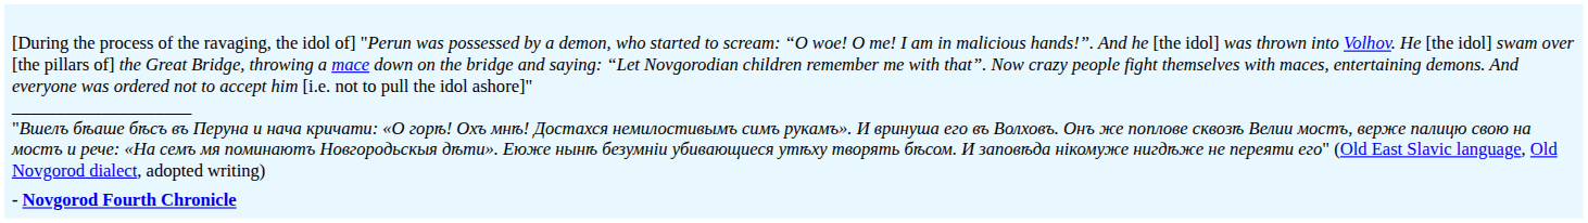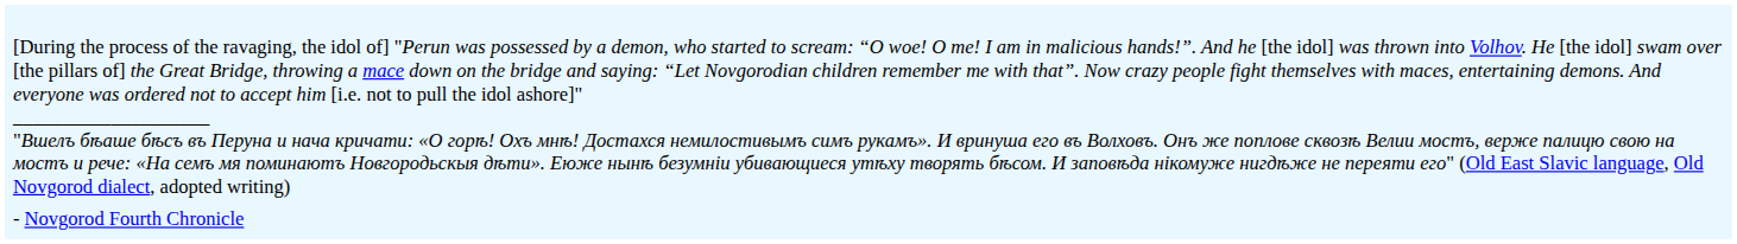 <table class="toccolours" style="font-size: 90%; background:#E9F7FF; color:black;" cellspacing="5">
 <tr>
 <td style="text-align: left;"><br>[During the process of the ravaging, the idol of] "<em>Perun was possessed by a demon, who started to scream: “O woe! O me! I am in malicious hands!”. And he </em>[the idol]<em> was thrown into <a href='#'>Volhov</a>. He </em>[the idol]<em> swam over </em>[the pillars of]<em> the Great Bridge, throwing a <a href='#'>mace</a> down on the bridge and saying: “Let Novgorodian children remember me with that”. Now crazy people fight themselves with maces, entertaining demons. And everyone was ordered not to accept him</em> [i.e. not to pull the idol ashore]"<br> ____________________<br>"<em>Вшелъ бѣаше бѣсъ въ Перуна и нача кричати: «О горѣ! Охъ мнѣ! Достахся немилостивымъ симъ рукамъ». И вринуша его въ Волховъ. Онъ же поплове сквозѣ Велии мостъ, верже палицю свою на мостъ и рече: «На семъ мя поминаютъ Новгородьскыя дѣти». Еюже нынѣ безумнiи убивающиеся утѣху творять бѣсом. И заповѣда нiкомуже нигдѣже не переяти его</em>" (<a href='#'>Old East Slavic language</a>, <a href='#'>Old Novgorod dialect</a>, adopted writing) </td>
 </tr>
 <tr>
-<td style="text-align: left;"><strong>- <a href='#'>Novgorod Fourth Chronicle</a></strong></td>
+<td style="text-align: left;">- <a href='#'>Novgorod Fourth Chronicle</a></td>
 </tr>
 </table>
